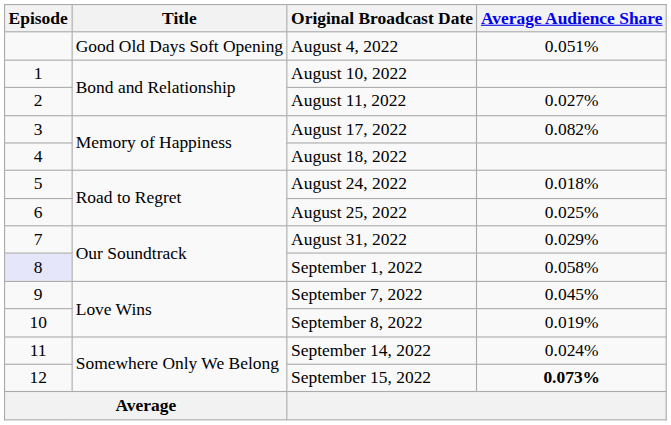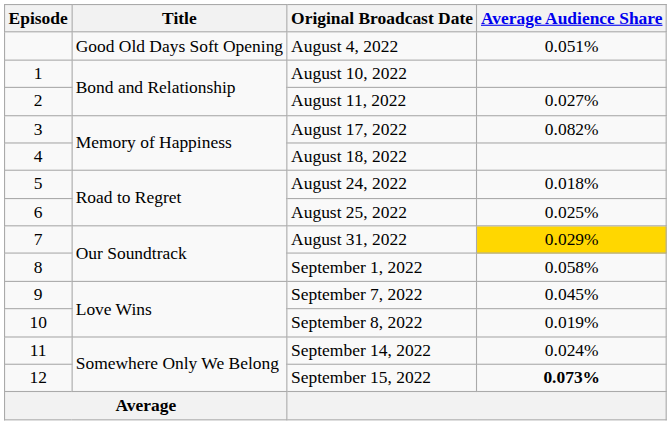 <table class="wikitable">
 <tr>
 <th style="text-align: center;">Episode</th>
 <th style="text-align: center;">Title</th>
 <th style="text-align: center;">Original Broadcast Date</th>
 <th style="text-align: center;"><a href='#'>Average Audience Share</a></th>
 </tr>
 <tr>
 <td></td>
 <td>Good Old Days Soft Opening</td>
 <td>August 4, 2022</td>
 <td style="text-align: center;">0.051%</td>
 </tr>
 <tr>
 <td style="text-align: center;">1</td>
 <td rowspan="2">Bond and Relationship</td>
 <td>August 10, 2022</td>
 <td style="text-align: center;"></td>
 </tr>
 <tr>
 <td style="text-align: center;">2</td>
 <td>August 11, 2022</td>
 <td style="text-align: center;">0.027%</td>
 </tr>
 <tr>
 <td style="text-align: center;">3</td>
 <td rowspan="2">Memory of Happiness</td>
 <td>August 17, 2022</td>
 <td style="text-align: center;">0.082%</td>
 </tr>
 <tr>
 <td style="text-align: center;">4</td>
 <td>August 18, 2022</td>
 <td style="text-align: center;"><strong></strong></td>
 </tr>
 <tr>
 <td style="text-align: center;">5</td>
 <td rowspan="2">Road to Regret</td>
 <td>August 24, 2022</td>
 <td style="text-align: center;">0.018%</td>
 </tr>
 <tr>
 <td style="text-align: center;">6</td>
 <td>August 25, 2022</td>
 <td style="text-align: center;">0.025%</td>
 </tr>
 <tr>
 <td style="text-align: center;">7</td>
 <td rowspan="2">Our Soundtrack</td>
 <td>August 31, 2022</td>
-<td style="text-align: center;">0.029%</td>
+<td style="background: gold; text-align: center;">0.029%</td>
 </tr>
 <tr>
-<td style="background: lavender; text-align: center;">8</td>
+<td style="text-align: center;">8</td>
 <td>September 1, 2022</td>
 <td style="text-align: center;">0.058%</td>
 </tr>
 <tr>
 <td style="text-align: center;">9</td>
 <td rowspan="2">Love Wins</td>
 <td>September 7, 2022</td>
 <td style="text-align: center;">0.045%</td>
 </tr>
 <tr>
 <td style="text-align: center;">10</td>
 <td>September 8, 2022</td>
 <td style="text-align: center;">0.019%</td>
 </tr>
 <tr>
 <td style="text-align: center;">11</td>
 <td rowspan="2">Somewhere Only We Belong</td>
 <td>September 14, 2022</td>
 <td style="text-align: center;">0.024%</td>
 </tr>
 <tr>
 <td style="text-align: center;">12</td>
 <td>September 15, 2022</td>
 <td style="text-align: center;"><strong>0.073%</strong></td>
 </tr>
 <tr>
 <th colspan="2" style="text-align: center;">Average</th>
 <th colspan="2"><br></th>
 </tr>
 </table>
